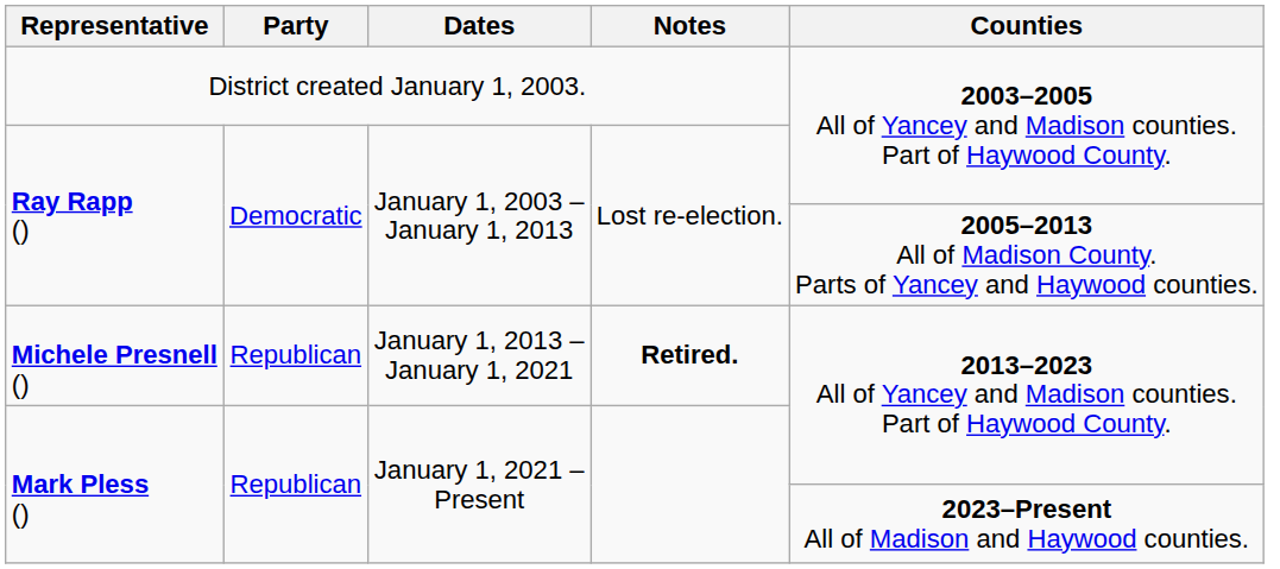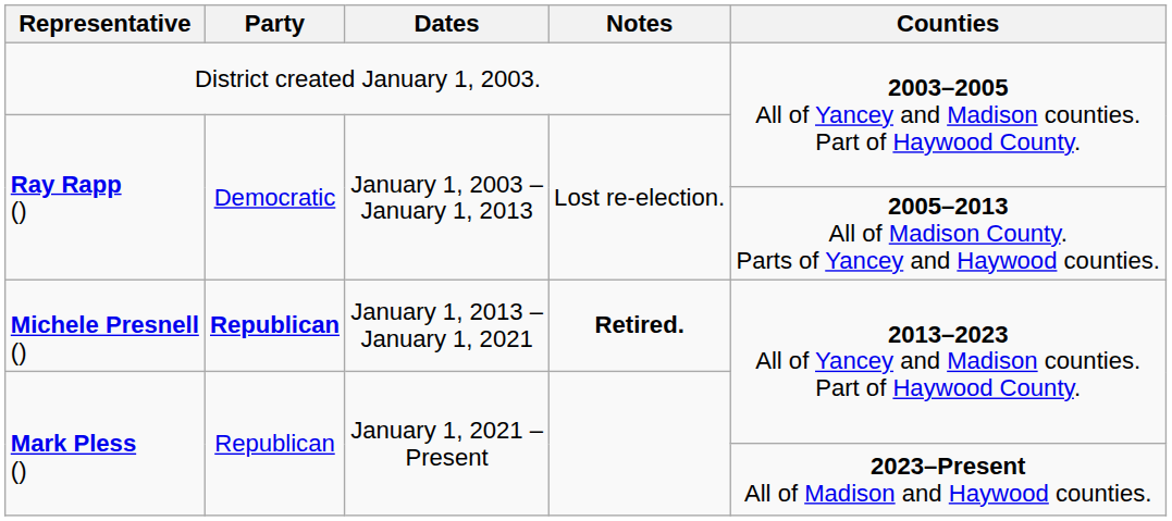 <table class=wikitable style="text-align:center">
 <tr>
 <th>Representative</th>
 <th>Party</th>
 <th>Dates</th>
 <th>Notes</th>
 <th>Counties</th>
 </tr>
 <tr style="height:3em">
 <td colspan=4>District created January 1, 2003.</td>
 <td rowspan=2><strong>2003–2005</strong> <br> All of <a href='#'>Yancey</a> and <a href='#'>Madison</a> counties. <br> Part of <a href='#'>Haywood County</a>.</td>
 </tr>
 <tr style="height:3em">
 <td rowspan=2 align=left><strong><a href='#'>Ray Rapp</a></strong><br>()</td>
 <td rowspan=2 ><a href='#'>Democratic</a></td>
 <td rowspan=2 nowrap>January 1, 2003 – <br> January 1, 2013</td>
 <td rowspan=2>Lost re-election.</td>
 </tr>
 <tr style="height:3em">
 <td><strong>2005–2013</strong> <br> All of <a href='#'>Madison County</a>. <br> Parts of <a href='#'>Yancey</a> and <a href='#'>Haywood</a> counties.</td>
 </tr>
 <tr style="height:3em">
 <td align=left><br><strong><a href='#'>Michele Presnell</a></strong><br>()</td>
-<td><a href='#'>Republican</a></td>
+<td><strong><a href='#'>Republican</a></strong></td>
 <td nowrap>January 1, 2013 – <br> January 1, 2021</td>
 <td><strong>Retired.</strong></td>
 <td rowspan=2><strong>2013–2023</strong> <br> All of <a href='#'>Yancey</a> and <a href='#'>Madison</a> counties. <br> Part of <a href='#'>Haywood County</a>.</td>
 </tr>
 <tr style="height:3em">
 <td rowspan=2 align=left><br><strong><a href='#'>Mark Pless</a></strong><br>()</td>
 <td rowspan=2 ><a href='#'>Republican</a></td>
 <td rowspan=2 nowrap>January 1, 2021 – <br> Present</td>
 <td rowspan=2></td>
 </tr>
 <tr style="height:3em">
 <td><strong>2023–Present</strong> <br> All of <a href='#'>Madison</a> and <a href='#'>Haywood</a> counties.</td>
 </tr>
 </table>
